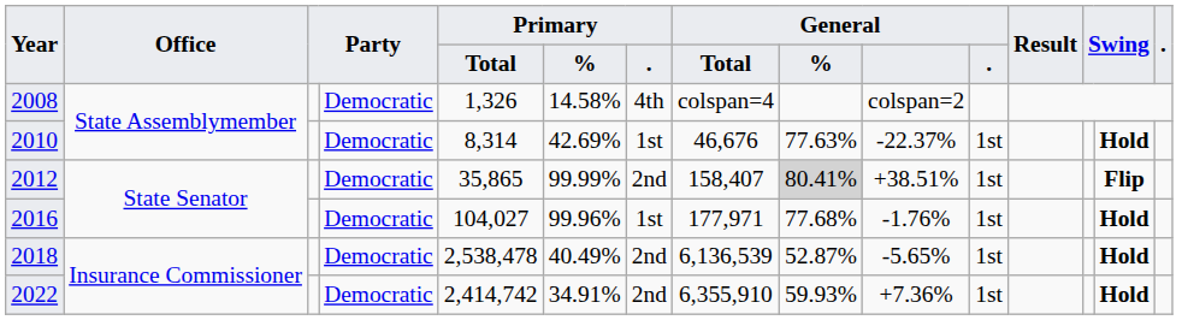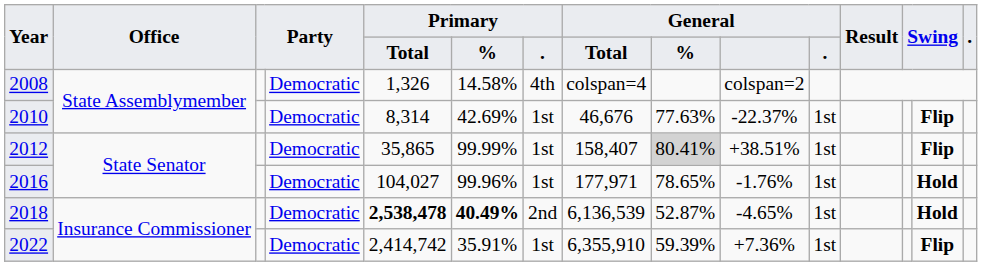 <table class="wikitable" style="font-size:90%; text-align:center;">
 <tr>
 <th style="background-color:#EAECF0;" rowspan=2>Year</th>
 <th style="background-color:#EAECF0;" rowspan=2>Office</th>
 <th style="background-color:#EAECF0;" colspan=2 rowspan=2>Party</th>
 <th style="background-color:#EAECF0;" colspan=3>Primary</th>
 <th style="background-color:#EAECF0;" colspan=4>General</th>
 <th style="background-color:#EAECF0;" rowspan=2>Result</th>
 <th style="background-color:#EAECF0;" colspan=2 rowspan=2><a href='#'>Swing</a></th>
 <th style="background-color:#EAECF0;" rowspan=2>.</th>
 </tr>
 <tr>
 <th style="background-color:#EAECF0;">Total</th>
 <th style="background-color:#EAECF0;">%</th>
 <th style="background-color:#EAECF0;">.</th>
 <th style="background-color:#EAECF0;">Total</th>
 <th style="background-color:#EAECF0;">%</th>
 <th style="background-color:#EAECF0;"></th>
 <th style="background-color:#EAECF0;">.</th>
 </tr>
 <tr>
 <td style="background-color:#EAECF0;"><a href='#'>2008</a></td>
 <td rowspan=2><a href='#'>State Assemblymember</a></td>
 <td style="background-color:"></td>
 <td><a href='#'>Democratic</a></td>
 <td>1,326</td>
 <td>14.58%</td>
 <td>4th</td>
 <td>colspan=4 </td>
 <td></td>
 <td>colspan=2 </td>
 <td></td>
 </tr>
 <tr>
 <td style="background-color:#EAECF0;"><a href='#'>2010</a></td>
 <td style="background-color:"></td>
 <td><a href='#'>Democratic</a></td>
 <td>8,314</td>
 <td>42.69%</td>
 <td>1st</td>
 <td>46,676</td>
 <td>77.63%</td>
 <td>-22.37%</td>
 <td>1st</td>
 <td></td>
 <td style="background-color:"></td>
-<td><strong>Hold</strong></td>
+<td><strong>Flip</strong></td>
 <td></td>
 </tr>
 <tr>
 <td style="background-color:#EAECF0;"><a href='#'>2012</a></td>
 <td rowspan=2><a href='#'>State Senator</a></td>
 <td style="background-color:"></td>
 <td><a href='#'>Democratic</a></td>
 <td>35,865</td>
 <td>99.99%</td>
-<td>2nd</td>
+<td>1st</td>
 <td>158,407</td>
 <td style="background: lightgrey;">80.41%</td>
 <td>+38.51%</td>
 <td>1st</td>
 <td></td>
 <td style="background-color:"></td>
 <td><strong>Flip</strong></td>
 <td></td>
 </tr>
 <tr>
 <td style="background-color:#EAECF0;"><a href='#'>2016</a></td>
 <td style="background-color:"></td>
 <td><a href='#'>Democratic</a></td>
 <td>104,027</td>
 <td>99.96%</td>
 <td>1st</td>
 <td>177,971</td>
-<td>77.68%</td>
+<td>78.65%</td>
 <td>-1.76%</td>
 <td>1st</td>
 <td></td>
 <td style="background-color:"></td>
 <td><strong>Hold</strong></td>
 <td></td>
 </tr>
 <tr>
 <td style="background-color:#EAECF0;"><a href='#'>2018</a></td>
 <td rowspan=2><a href='#'>Insurance Commissioner</a></td>
 <td style="background-color:"></td>
 <td><a href='#'>Democratic</a></td>
-<td>2,538,478</td>
-<td>40.49%</td>
+<td><strong>2,538,478</strong></td>
+<td><strong>40.49%</strong></td>
 <td>2nd</td>
 <td>6,136,539</td>
 <td>52.87%</td>
-<td>-5.65%</td>
+<td>-4.65%</td>
 <td>1st</td>
 <td></td>
 <td style="background-color:"></td>
 <td><strong>Hold</strong></td>
 <td></td>
 </tr>
 <tr>
 <td style="background-color:#EAECF0;" rowspan=2><a href='#'>2022</a></td>
 <td style="background-color:"></td>
 <td><a href='#'>Democratic</a></td>
 <td>2,414,742</td>
-<td>34.91%</td>
-<td>2nd</td>
+<td>35.91%</td>
+<td>1st</td>
 <td>6,355,910</td>
-<td>59.93%</td>
+<td>59.39%</td>
 <td>+7.36%</td>
 <td>1st</td>
 <td></td>
 <td style="background-color:"></td>
-<td><strong>Hold</strong></td>
+<td><strong>Flip</strong></td>
 <td></td>
 </tr>
 </table>
